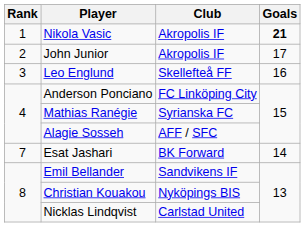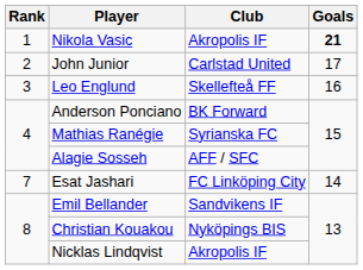 <table class="wikitable" style="text-align:center">
 <tr>
 <th>Rank</th>
 <th>Player</th>
 <th>Club</th>
 <th>Goals</th>
 </tr>
 <tr>
 <td>1</td>
 <td align="left"> <a href='#'>Nikola Vasic</a></td>
 <td align="left"><a href='#'>Akropolis IF</a></td>
 <td><strong>21</strong></td>
 </tr>
 <tr>
 <td>2</td>
 <td align="left"> John Junior</td>
-<td align="left"><a href='#'>Akropolis IF</a></td>
+<td align="left"><a href='#'>Carlstad United</a></td>
 <td>17</td>
 </tr>
 <tr>
 <td>3</td>
 <td align="left"> <a href='#'>Leo Englund</a></td>
 <td align="left"><a href='#'>Skellefteå FF</a></td>
 <td>16</td>
 </tr>
 <tr>
 <td rowspan="3">4</td>
 <td align="left"> Anderson Ponciano</td>
-<td align="left"><a href='#'>FC Linköping City</a></td>
+<td align="left"><a href='#'>BK Forward</a></td>
 <td rowspan="3">15</td>
 </tr>
 <tr>
 <td align="left"> <a href='#'>Mathias Ranégie</a></td>
 <td align="left"><a href='#'>Syrianska FC</a></td>
 </tr>
 <tr>
 <td align="left"> <a href='#'>Alagie Sosseh</a></td>
 <td align="left"><a href='#'>AFF</a> / <a href='#'>SFC</a></td>
 </tr>
 <tr>
 <td>7</td>
 <td align="left"> Esat Jashari</td>
-<td align="left"><a href='#'>BK Forward</a></td>
+<td align="left"><a href='#'>FC Linköping City</a></td>
 <td>14</td>
 </tr>
 <tr>
 <td rowspan="3">8</td>
 <td align="left"> <a href='#'>Emil Bellander</a></td>
 <td align="left"><a href='#'>Sandvikens IF</a></td>
 <td rowspan="3">13</td>
 </tr>
 <tr>
 <td align="left"> <a href='#'>Christian Kouakou</a></td>
 <td align="left"><a href='#'>Nyköpings BIS</a></td>
 </tr>
 <tr>
 <td align="left"> Nicklas Lindqvist</td>
-<td align="left"><a href='#'>Carlstad United</a></td>
+<td align="left"><a href='#'>Akropolis IF</a></td>
 </tr>
 </table>
